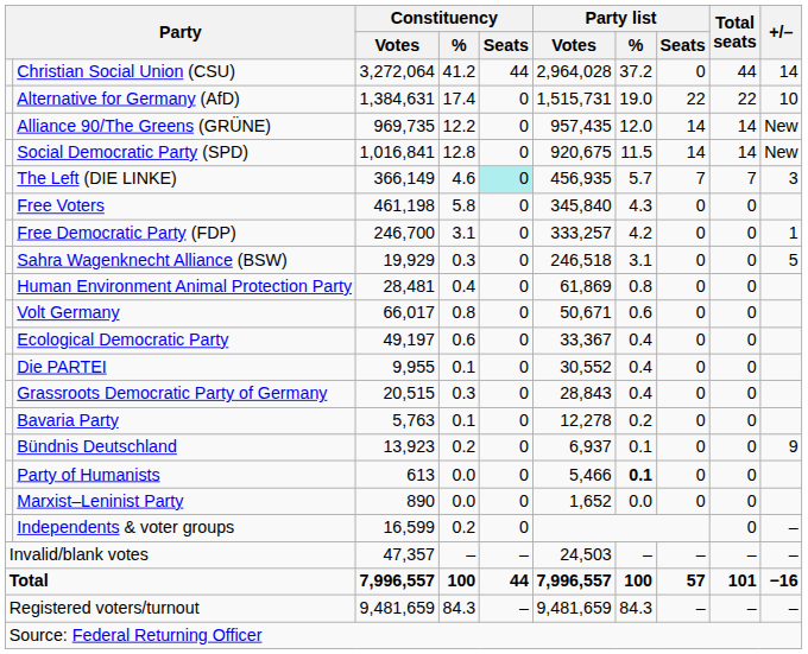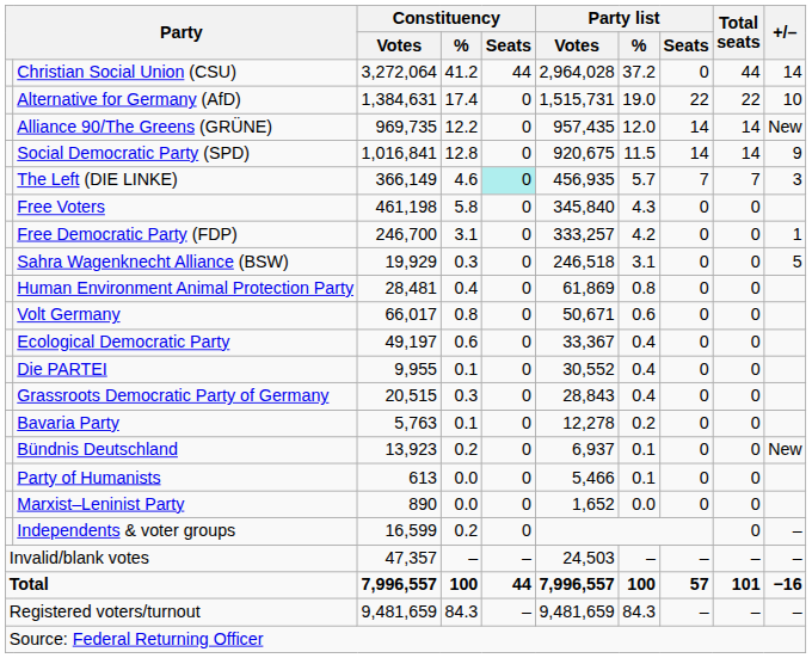 <table class="wikitable" style="text-align:right">
 <tr>
 <th colspan="2" rowspan="2">Party</th>
 <th colspan="3">Constituency</th>
 <th colspan="3">Party list</th>
 <th rowspan="2">Total<br>seats</th>
 <th rowspan="2">+/–</th>
 </tr>
 <tr>
 <th>Votes</th>
 <th>%</th>
 <th>Seats</th>
 <th>Votes</th>
 <th>%</th>
 <th>Seats</th>
 </tr>
 <tr>
 <td></td>
 <td align="left"><a href='#'>Christian Social Union</a> (CSU)</td>
 <td>3,272,064</td>
 <td>41.2</td>
 <td>44</td>
 <td>2,964,028</td>
 <td>37.2</td>
 <td>0</td>
 <td>44</td>
 <td> 14</td>
 </tr>
 <tr>
 <td></td>
 <td align="left"><a href='#'>Alternative for Germany</a> (AfD)</td>
 <td>1,384,631</td>
 <td>17.4</td>
 <td>0</td>
 <td>1,515,731</td>
 <td>19.0</td>
 <td>22</td>
 <td>22</td>
 <td> 10</td>
 </tr>
 <tr>
 <td></td>
 <td align="left"><a href='#'>Alliance 90/The Greens</a> (GRÜNE)</td>
 <td>969,735</td>
 <td>12.2</td>
 <td>0</td>
 <td>957,435</td>
 <td>12.0</td>
 <td>14</td>
 <td>14</td>
 <td>New</td>
 </tr>
 <tr>
 <td></td>
 <td align="left"><a href='#'>Social Democratic Party</a> (SPD)</td>
 <td>1,016,841</td>
 <td>12.8</td>
 <td>0</td>
 <td>920,675</td>
 <td>11.5</td>
 <td>14</td>
 <td>14</td>
-<td>New</td>
+<td> 9</td>
 </tr>
 <tr>
 <td></td>
 <td align="left"><a href='#'>The Left</a> (DIE LINKE)</td>
 <td>366,149</td>
 <td>4.6</td>
 <td style="background: paleturquoise;">0</td>
 <td>456,935</td>
 <td>5.7</td>
 <td>7</td>
 <td>7</td>
 <td> 3</td>
 </tr>
 <tr>
 <td style="background-color:"></td>
 <td align="left"><a href='#'>Free Voters</a></td>
 <td>461,198</td>
 <td>5.8</td>
 <td>0</td>
 <td>345,840</td>
 <td>4.3</td>
 <td>0</td>
 <td>0</td>
 <td></td>
 </tr>
 <tr>
 <td></td>
 <td align="left"><a href='#'>Free Democratic Party</a> (FDP)</td>
 <td>246,700</td>
 <td>3.1</td>
 <td>0</td>
 <td>333,257</td>
 <td>4.2</td>
 <td>0</td>
 <td>0</td>
 <td> 1</td>
 </tr>
 <tr>
 <td style="background-color:"></td>
 <td align="left"><a href='#'>Sahra Wagenknecht Alliance</a> (BSW)</td>
 <td>19,929</td>
 <td>0.3</td>
 <td>0</td>
 <td>246,518</td>
 <td>3.1</td>
 <td>0</td>
 <td>0</td>
 <td> 5</td>
 </tr>
 <tr>
 <td style="background-color:"></td>
 <td align="left"><a href='#'>Human Environment Animal Protection Party</a></td>
 <td>28,481</td>
 <td>0.4</td>
 <td>0</td>
 <td>61,869</td>
 <td>0.8</td>
 <td>0</td>
 <td>0</td>
 <td></td>
 </tr>
 <tr>
 <td style="background-color:"></td>
 <td align="left"><a href='#'>Volt Germany</a></td>
 <td>66,017</td>
 <td>0.8</td>
 <td>0</td>
 <td>50,671</td>
 <td>0.6</td>
 <td>0</td>
 <td>0</td>
 <td></td>
 </tr>
 <tr>
 <td style="background-color:"></td>
 <td align="left"><a href='#'>Ecological Democratic Party</a></td>
 <td>49,197</td>
 <td>0.6</td>
 <td>0</td>
 <td>33,367</td>
 <td>0.4</td>
 <td>0</td>
 <td>0</td>
 <td></td>
 </tr>
 <tr>
 <td style="background-color:"></td>
 <td align="left"><a href='#'>Die PARTEI</a></td>
 <td>9,955</td>
 <td>0.1</td>
 <td>0</td>
 <td>30,552</td>
 <td>0.4</td>
 <td>0</td>
 <td>0</td>
 <td></td>
 </tr>
 <tr>
 <td style="background-color:"></td>
 <td align="left"><a href='#'>Grassroots Democratic Party of Germany</a></td>
 <td>20,515</td>
 <td>0.3</td>
 <td>0</td>
 <td>28,843</td>
 <td>0.4</td>
 <td>0</td>
 <td>0</td>
 <td></td>
 </tr>
 <tr>
 <td style="background-color:"></td>
 <td align="left"><a href='#'>Bavaria Party</a></td>
 <td>5,763</td>
 <td>0.1</td>
 <td>0</td>
 <td>12,278</td>
 <td>0.2</td>
 <td>0</td>
 <td>0</td>
 <td></td>
 </tr>
 <tr>
 <td style="background-color:"></td>
 <td align="left"><a href='#'>Bündnis Deutschland</a></td>
 <td>13,923</td>
 <td>0.2</td>
 <td>0</td>
 <td>6,937</td>
 <td>0.1</td>
 <td>0</td>
 <td>0</td>
-<td> 9</td>
+<td>New</td>
 </tr>
 <tr>
 <td style="background-color:"></td>
 <td align="left"><a href='#'>Party of Humanists</a></td>
 <td>613</td>
 <td>0.0</td>
 <td>0</td>
 <td>5,466</td>
-<td><strong>0.1</strong></td>
+<td>0.1</td>
 <td>0</td>
 <td>0</td>
 <td></td>
 </tr>
 <tr>
 <td style="background-color:"></td>
 <td align="left"><a href='#'>Marxist–Leninist Party</a></td>
 <td>890</td>
 <td>0.0</td>
 <td>0</td>
 <td>1,652</td>
 <td>0.0</td>
 <td>0</td>
 <td>0</td>
 <td></td>
 </tr>
 <tr>
 <td style="background-color:"></td>
 <td align="left"><a href='#'>Independents</a> & voter groups</td>
 <td>16,599</td>
 <td>0.2</td>
 <td>0</td>
 <td colspan="3"></td>
 <td>0</td>
 <td>–</td>
 </tr>
 <tr>
 <td colspan="2" align="left">Invalid/blank votes</td>
 <td>47,357</td>
 <td>–</td>
 <td>–</td>
 <td>24,503</td>
 <td>–</td>
 <td>–</td>
 <td>–</td>
 <td>–</td>
 </tr>
 <tr>
 <td colspan="2" align="left"><strong>Total</strong></td>
 <td><strong>7,996,557</strong></td>
 <td><strong>100</strong></td>
 <td><strong>44</strong></td>
 <td><strong>7,996,557</strong></td>
 <td><strong>100</strong></td>
 <td><strong>57</strong></td>
 <td><strong>101</strong></td>
 <td><strong>−16</strong></td>
 </tr>
 <tr>
 <td colspan="2" align="left">Registered voters/turnout</td>
 <td>9,481,659</td>
 <td>84.3</td>
 <td>–</td>
 <td>9,481,659</td>
 <td>84.3</td>
 <td>–</td>
 <td>–</td>
 <td>–</td>
 </tr>
 <tr>
 <td colspan="10" align="left">Source: <a href='#'>Federal Returning Officer</a></td>
 </tr>
 </table>
